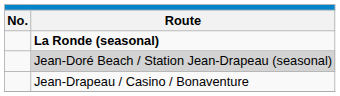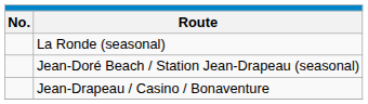 <table align=center class="wikitable">
 <tr>
 <th style="background: #0085CA; font-size:100%; color:#FFFFFF;"colspan="4"><a href='#'></a></th>
 </tr>
 <tr>
 <th>No.</th>
 <th>Route</th>
 </tr>
 <tr>
 <td></td>
-<td><strong>La Ronde (seasonal)</strong></td>
+<td>La Ronde (seasonal)</td>
 </tr>
 <tr>
 <td></td>
-<td style="background: lightgrey;">Jean-Doré Beach / Station Jean-Drapeau (seasonal)</td>
+<td>Jean-Doré Beach / Station Jean-Drapeau (seasonal)</td>
 </tr>
 <tr>
 <td></td>
 <td>Jean-Drapeau / Casino / Bonaventure</td>
 </tr>
 <tr>
 </tr>
 </table>
